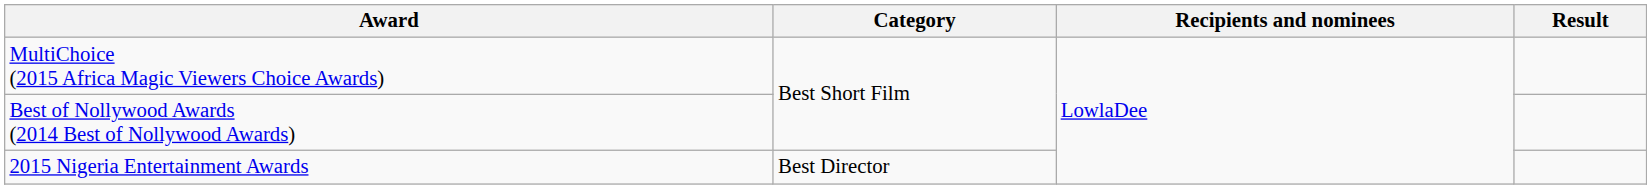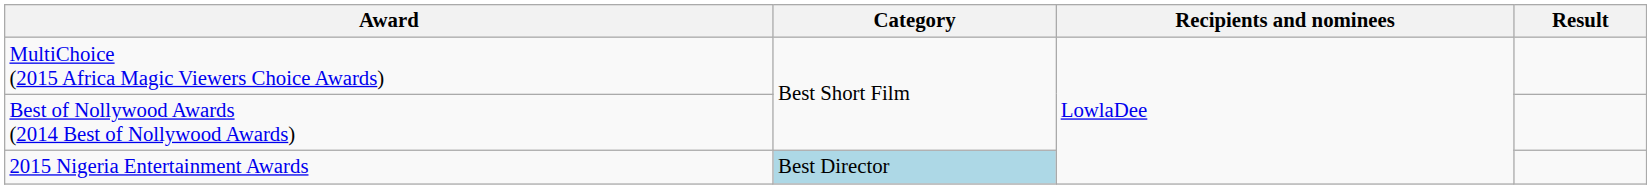 <table class="wikitable sortable" style="width:100%">
 <tr>
 <th>Award</th>
 <th>Category</th>
 <th>Recipients and nominees</th>
 <th>Result</th>
 </tr>
 <tr>
 <td><a href='#'>MultiChoice</a> <br> (<a href='#'>2015 Africa Magic Viewers Choice Awards</a>) </td>
 <td rowspan=2>Best Short Film</td>
 <td rowspan=3><a href='#'>LowlaDee</a></td>
 <td></td>
 </tr>
 <tr>
 <td><a href='#'>Best of Nollywood Awards</a> <br> (<a href='#'>2014 Best of Nollywood Awards</a>) </td>
 <td></td>
 </tr>
 <tr>
 <td><a href='#'>2015 Nigeria Entertainment Awards</a></td>
-<td>Best Director</td>
+<td style="background: lightblue;">Best Director</td>
 <td></td>
 </tr>
 </table>
